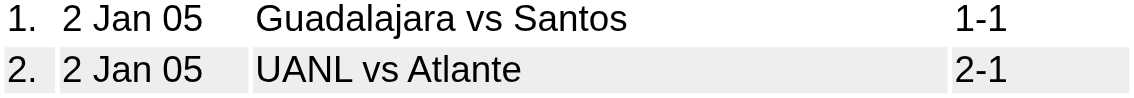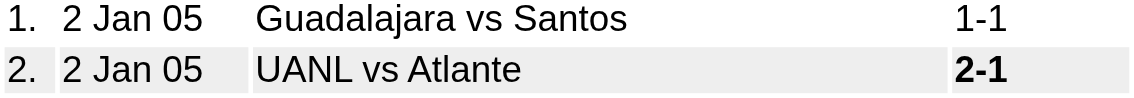 <table>
 <tr>
 <td width="20">1.</td>
 <td width="80">2 Jan 05</td>
 <td width="300">Guadalajara vs Santos</td>
 <td width="75">1-1</td>
 </tr>
 <tr bgcolor=#eeeeee>
 <td>2.</td>
 <td>2 Jan 05</td>
 <td>UANL vs Atlante</td>
-<td>2-1</td>
+<td><strong>2-1</strong></td>
 </tr>
 </table>
